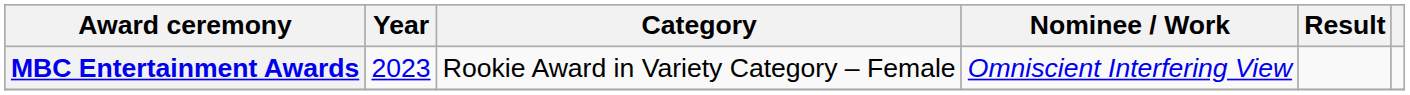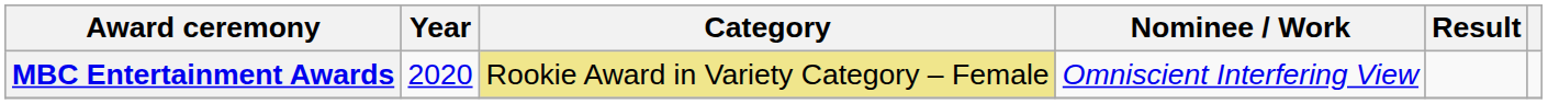 <table class="wikitable plainrowheaders">
 <tr>
 <th scope="col">Award ceremony</th>
 <th scope="col">Year</th>
 <th scope="col">Category</th>
 <th scope="col">Nominee / Work</th>
 <th scope="col">Result</th>
 <th scope="col"></th>
 </tr>
 <tr>
 <th scope="row"><a href='#'>MBC Entertainment Awards</a></th>
-<td style="text-align:center"><a href='#'>2023</a></td>
-<td>Rookie Award in Variety Category – Female</td>
+<td style="text-align:center"><a href='#'>2020</a></td>
+<td style="background: khaki;">Rookie Award in Variety Category – Female</td>
 <td><em><a href='#'>Omniscient Interfering View</a></em></td>
 <td></td>
 <td style="text-align:center"></td>
 </tr>
 <tr>
 </tr>
 </table>
